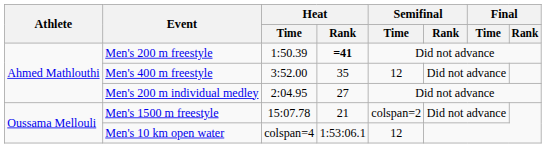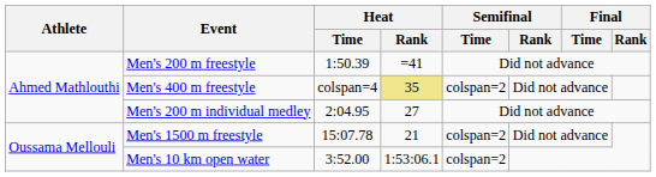 <table class=wikitable style="font-size:90%">
 <tr>
 <th rowspan="2">Athlete</th>
 <th rowspan="2">Event</th>
 <th colspan="2">Heat</th>
 <th colspan="2">Semifinal</th>
 <th colspan="2">Final</th>
 </tr>
 <tr style="font-size:95%">
 <th>Time</th>
 <th>Rank</th>
 <th>Time</th>
 <th>Rank</th>
 <th>Time</th>
 <th>Rank</th>
 </tr>
 <tr align=center>
 <td align=left rowspan=3><a href='#'>Ahmed Mathlouthi</a></td>
 <td align=left><a href='#'>Men's 200 m freestyle</a></td>
 <td>1:50.39</td>
-<td><strong>=41</strong></td>
+<td>=41</td>
 <td colspan=4>Did not advance</td>
 </tr>
 <tr align=center>
 <td align=left><a href='#'>Men's 400 m freestyle</a></td>
-<td>3:52.00</td>
-<td>35</td>
-<td>12</td>
+<td>colspan=4 </td>
+<td style="background: khaki;">35</td>
+<td>colspan=2 </td>
 <td colspan=2>Did not advance</td>
 </tr>
 <tr align=center>
 <td align=left><a href='#'>Men's 200 m individual medley</a></td>
 <td>2:04.95</td>
 <td>27</td>
 <td colspan=4>Did not advance</td>
 </tr>
 <tr align=center>
 <td align=left rowspan=2><a href='#'>Oussama Mellouli</a></td>
 <td align=left><a href='#'>Men's 1500 m freestyle</a></td>
 <td>15:07.78</td>
 <td>21</td>
 <td>colspan=2 </td>
 <td colspan=2>Did not advance</td>
 </tr>
 <tr align=center>
 <td align=left><a href='#'>Men's 10 km open water</a></td>
-<td>colspan=4 </td>
+<td>3:52.00</td>
 <td>1:53:06.1</td>
-<td>12</td>
+<td>colspan=2 </td>
 </tr>
 </table>
